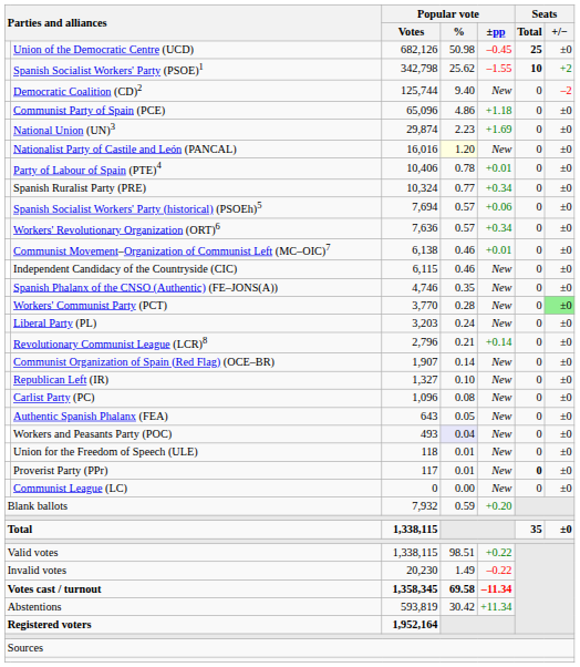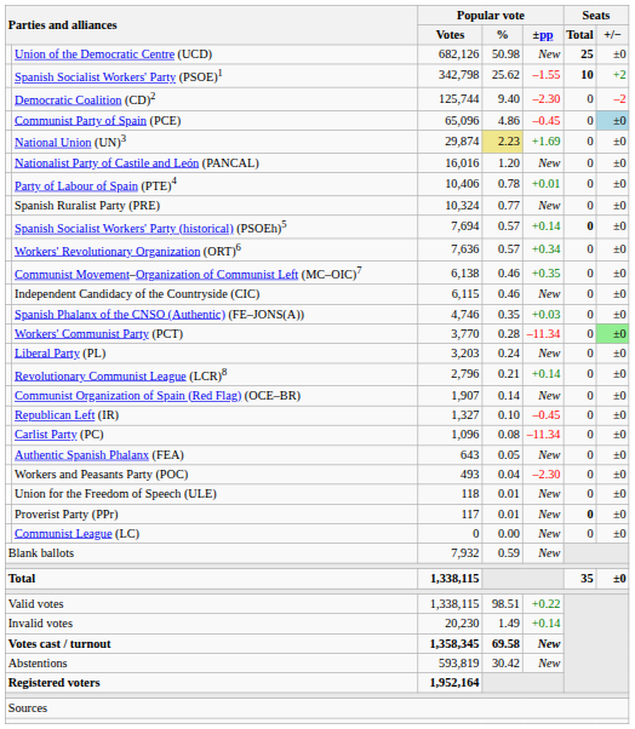 <table class="wikitable" style="text-align:right;">
 <tr>
 <th style="text-align:left;" rowspan="2" colspan="2" width="525">Parties and alliances</th>
 <th colspan="3">Popular vote</th>
 <th colspan="2">Seats</th>
 </tr>
 <tr>
 <th width="75">Votes</th>
 <th width="45">%</th>
 <th width="45">±<a href='#'>pp</a></th>
 <th width="35">Total</th>
 <th width="35">+/−</th>
 </tr>
 <tr>
 <td width="1" style="color:inherit;background:"></td>
 <td align="left"><a href='#'>Union of the Democratic Centre</a> (UCD)</td>
 <td>682,126</td>
 <td>50.98</td>
-<td style="color:red;">–0.45</td>
+<td><em>New</em></td>
 <td><strong>25</strong></td>
 <td>±0</td>
 </tr>
 <tr>
 <td style="color:inherit;background:"></td>
 <td align="left"><a href='#'>Spanish Socialist Workers' Party</a> (PSOE)<sup>1</sup></td>
 <td>342,798</td>
 <td>25.62</td>
 <td style="color:red;">–1.55</td>
 <td><strong>10</strong></td>
 <td style="color:green;">+2</td>
 </tr>
 <tr>
 <td style="color:inherit;background:"></td>
 <td align="left"><a href='#'>Democratic Coalition</a> (CD)<sup>2</sup></td>
 <td>125,744</td>
 <td>9.40</td>
-<td><em>New</em></td>
+<td style="color:red;">–2.30</td>
 <td>0</td>
 <td style="color:red;">–2</td>
 </tr>
 <tr>
 <td style="color:inherit;background:"></td>
 <td align="left"><a href='#'>Communist Party of Spain</a> (PCE)</td>
 <td>65,096</td>
 <td>4.86</td>
-<td style="color:green;">+1.18</td>
+<td style="color:red;">–0.45</td>
 <td>0</td>
-<td>±0</td>
+<td style="background: lightblue;">±0</td>
 </tr>
 <tr>
 <td style="color:inherit;background:"></td>
 <td align="left"><a href='#'>National Union</a> (UN)<sup>3</sup></td>
 <td>29,874</td>
-<td>2.23</td>
+<td style="background: khaki;">2.23</td>
 <td style="color:green;">+1.69</td>
 <td>0</td>
 <td>±0</td>
 </tr>
 <tr>
 <td style="color:inherit;background:"></td>
 <td align="left"><a href='#'>Nationalist Party of Castile and León</a> (PANCAL)</td>
 <td>16,016</td>
-<td style="background: lightyellow;">1.20</td>
+<td>1.20</td>
 <td><em>New</em></td>
 <td>0</td>
 <td>±0</td>
 </tr>
 <tr>
 <td style="color:inherit;background:"></td>
 <td align="left"><a href='#'>Party of Labour of Spain</a> (PTE)<sup>4</sup></td>
 <td>10,406</td>
 <td>0.78</td>
 <td style="color:green;">+0.01</td>
 <td>0</td>
 <td>±0</td>
 </tr>
 <tr>
 <td style="color:inherit;background:"></td>
 <td align="left">Spanish Ruralist Party (PRE)</td>
 <td>10,324</td>
 <td>0.77</td>
-<td style="color:green;">+0.34</td>
+<td><em>New</em></td>
 <td>0</td>
 <td>±0</td>
 </tr>
 <tr>
 <td style="color:inherit;background:"></td>
 <td align="left"><a href='#'>Spanish Socialist Workers' Party (historical)</a> (PSOEh)<sup>5</sup></td>
 <td>7,694</td>
 <td>0.57</td>
-<td style="color:green;">+0.06</td>
-<td>0</td>
+<td style="color:green;">+0.14</td>
+<td><strong>0</strong></td>
 <td>±0</td>
 </tr>
 <tr>
 <td style="color:inherit;background:"></td>
 <td align="left"><a href='#'>Workers' Revolutionary Organization</a> (ORT)<sup>6</sup></td>
 <td>7,636</td>
 <td>0.57</td>
 <td style="color:green;">+0.34</td>
 <td>0</td>
 <td>±0</td>
 </tr>
 <tr>
 <td style="color:inherit;background:"></td>
 <td align="left"><a href='#'>Communist Movement</a>–<a href='#'>Organization of Communist Left</a> (MC–OIC)<sup>7</sup></td>
 <td>6,138</td>
 <td>0.46</td>
-<td style="color:green;">+0.01</td>
+<td style="color:green;">+0.35</td>
 <td>0</td>
 <td>±0</td>
 </tr>
 <tr>
 <td bgcolor="white"></td>
 <td align="left">Independent Candidacy of the Countryside (CIC)</td>
 <td>6,115</td>
 <td>0.46</td>
 <td><em>New</em></td>
 <td>0</td>
 <td>±0</td>
 </tr>
 <tr>
 <td style="color:inherit;background:"></td>
 <td align="left"><a href='#'>Spanish Phalanx of the CNSO (Authentic)</a> (FE–JONS(A))</td>
 <td>4,746</td>
 <td>0.35</td>
-<td><em>New</em></td>
+<td style="color:green;">+0.03</td>
 <td>0</td>
 <td>±0</td>
 </tr>
 <tr>
 <td style="color:inherit;background:"></td>
 <td align="left"><a href='#'>Workers' Communist Party</a> (PCT)</td>
 <td>3,770</td>
 <td>0.28</td>
-<td><em>New</em></td>
+<td style="color:red;">–11.34</td>
 <td>0</td>
 <td style="background: lightgreen;">±0</td>
 </tr>
 <tr>
 <td style="color:inherit;background:"></td>
 <td align="left"><a href='#'>Liberal Party</a> (PL)</td>
 <td>3,203</td>
 <td>0.24</td>
 <td><em>New</em></td>
 <td>0</td>
 <td>±0</td>
 </tr>
 <tr>
 <td style="color:inherit;background:"></td>
 <td align="left"><a href='#'>Revolutionary Communist League</a> (LCR)<sup>8</sup></td>
 <td>2,796</td>
 <td>0.21</td>
 <td style="color:green;">+0.14</td>
 <td>0</td>
 <td>±0</td>
 </tr>
 <tr>
 <td style="color:inherit;background:"></td>
 <td align="left"><a href='#'>Communist Organization of Spain (Red Flag)</a> (OCE–BR)</td>
 <td>1,907</td>
 <td>0.14</td>
 <td><em>New</em></td>
 <td>0</td>
 <td>±0</td>
 </tr>
 <tr>
 <td style="color:inherit;background:"></td>
 <td align="left"><a href='#'>Republican Left</a> (IR)</td>
 <td>1,327</td>
 <td>0.10</td>
-<td><em>New</em></td>
+<td style="color:red;">–0.45</td>
 <td>0</td>
 <td>±0</td>
 </tr>
 <tr>
 <td style="color:inherit;background:"></td>
 <td align="left"><a href='#'>Carlist Party</a> (PC)</td>
 <td>1,096</td>
 <td>0.08</td>
-<td><em>New</em></td>
+<td style="color:red;">–11.34</td>
 <td>0</td>
 <td>±0</td>
 </tr>
 <tr>
 <td style="color:inherit;background:"></td>
 <td align="left"><a href='#'>Authentic Spanish Phalanx</a> (FEA)</td>
 <td>643</td>
 <td>0.05</td>
 <td><em>New</em></td>
 <td>0</td>
 <td>±0</td>
 </tr>
 <tr>
 <td bgcolor="white"></td>
 <td align="left">Workers and Peasants Party (POC)</td>
 <td>493</td>
-<td style="background: lavender;">0.04</td>
-<td><em>New</em></td>
+<td>0.04</td>
+<td style="color:red;">–2.30</td>
 <td>0</td>
 <td>±0</td>
 </tr>
 <tr>
 <td bgcolor="white"></td>
 <td align="left">Union for the Freedom of Speech (ULE)</td>
 <td>118</td>
 <td>0.01</td>
 <td><em>New</em></td>
 <td>0</td>
 <td>±0</td>
 </tr>
 <tr>
 <td style="color:inherit;background:"></td>
 <td align="left">Proverist Party (PPr)</td>
 <td>117</td>
 <td>0.01</td>
 <td><em>New</em></td>
 <td><strong>0</strong></td>
 <td>±0</td>
 </tr>
 <tr>
 <td style="color:inherit;background:"></td>
 <td align="left"><a href='#'>Communist League</a> (LC)</td>
 <td>0</td>
 <td>0.00</td>
 <td><em>New</em></td>
 <td>0</td>
 <td>±0</td>
 </tr>
 <tr>
 <td align="left" colspan="2">Blank ballots</td>
 <td>7,932</td>
 <td>0.59</td>
-<td style="color:green;">+0.20</td>
+<td><em>New</em></td>
 <td bgcolor="#E9E9E9" colspan="2"></td>
 </tr>
 <tr>
 <td colspan="7" bgcolor="#E9E9E9"></td>
 </tr>
 <tr style="font-weight:bold;">
 <td align="left" colspan="2">Total</td>
 <td>1,338,115</td>
 <td bgcolor="#E9E9E9" colspan="2"></td>
 <td>35</td>
 <td>±0</td>
 </tr>
 <tr>
 <td colspan="7" bgcolor="#E9E9E9"></td>
 </tr>
 <tr>
 <td align="left" colspan="2">Valid votes</td>
 <td>1,338,115</td>
 <td>98.51</td>
 <td style="color:green;">+0.22</td>
 <td bgcolor="#E9E9E9" colspan="2" rowspan="5"></td>
 </tr>
 <tr>
 <td align="left" colspan="2">Invalid votes</td>
 <td>20,230</td>
 <td>1.49</td>
-<td style="color:red;">–0.22</td>
+<td style="color:green;">+0.14</td>
 </tr>
 <tr style="font-weight:bold;">
 <td align="left" colspan="2">Votes cast / turnout</td>
 <td>1,358,345</td>
 <td>69.58</td>
-<td style="color:red;">–11.34</td>
+<td><em>New</em></td>
 </tr>
 <tr>
 <td align="left" colspan="2">Abstentions</td>
 <td>593,819</td>
 <td>30.42</td>
-<td style="color:green;">+11.34</td>
+<td><em>New</em></td>
 </tr>
 <tr style="font-weight:bold;">
 <td align="left" colspan="2">Registered voters</td>
 <td>1,952,164</td>
 <td bgcolor="#E9E9E9" colspan="2"></td>
 </tr>
 <tr>
 <td colspan="7" bgcolor="#E9E9E9"></td>
 </tr>
 <tr>
 <td align="left" colspan="7">Sources</td>
 </tr>
 <tr>
 <td colspan="7" style="text-align:left; max-width:790px;"></td>
 </tr>
 </table>
